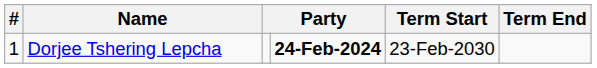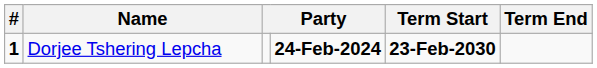 <table class="wikitable sortable">
 <tr>
 <th>#</th>
 <th style="width:200px">Name</th>
 <th colspan="2">Party</th>
 <th>Term Start</th>
 <th>Term End</th>
 </tr>
 <tr>
-<td>1</td>
+<td><strong>1</strong></td>
 <td><a href='#'>Dorjee Tshering Lepcha</a></td>
 <td></td>
 <td><strong>24-Feb-2024</strong></td>
-<td>23-Feb-2030</td>
+<td><strong>23-Feb-2030</strong></td>
 </tr>
 </table>
